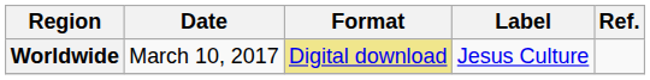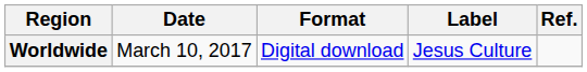 <table class="wikitable plainrowheaders">
 <tr>
 <th scope="col">Region</th>
 <th scope="col">Date</th>
 <th scope="col">Format</th>
 <th scope="col">Label</th>
 <th scope="col">Ref.</th>
 </tr>
 <tr>
 <th scope="row">Worldwide</th>
 <td>March 10, 2017</td>
-<td style="background: khaki;"><a href='#'>Digital download</a></td>
+<td><a href='#'>Digital download</a></td>
 <td><a href='#'>Jesus Culture</a></td>
 <td></td>
 </tr>
 <tr>
 </tr>
 </table>
